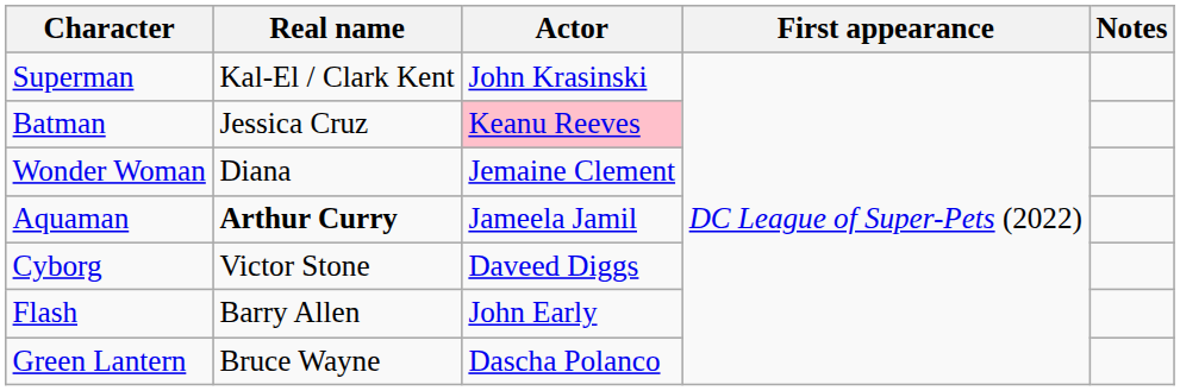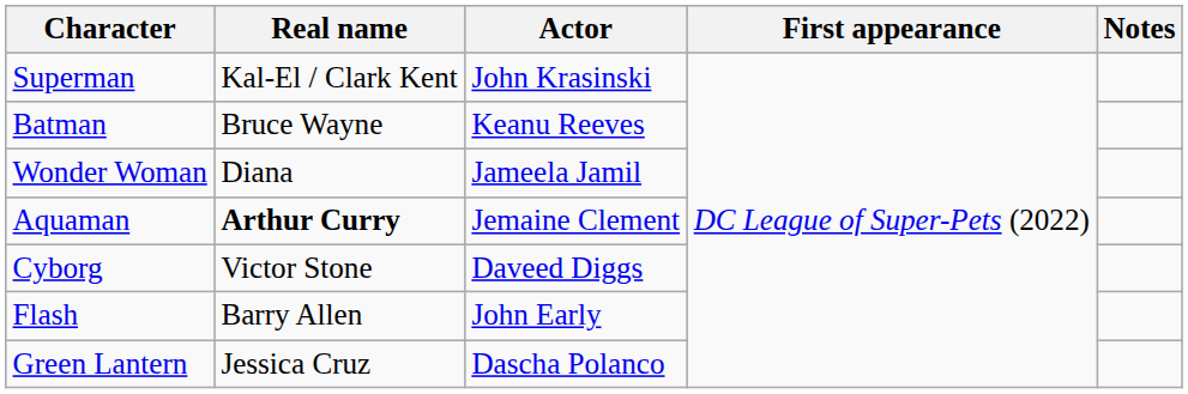 <table class="wikitable">
 <tr>
 <th>Character</th>
 <th>Real name</th>
 <th>Actor</th>
 <th>First appearance</th>
 <th>Notes</th>
 </tr>
 <tr>
 <td><a href='#'>Superman</a></td>
 <td>Kal-El / Clark Kent</td>
 <td><a href='#'>John Krasinski</a></td>
 <td rowspan="7"><em><a href='#'>DC League of Super-Pets</a></em> (2022)</td>
 <td></td>
 </tr>
 <tr>
 <td><a href='#'>Batman</a></td>
-<td>Jessica Cruz</td>
-<td style="background: pink;"><a href='#'>Keanu Reeves</a></td>
+<td>Bruce Wayne</td>
+<td><a href='#'>Keanu Reeves</a></td>
 <td></td>
 </tr>
 <tr>
 <td><a href='#'>Wonder Woman</a></td>
 <td>Diana</td>
-<td><a href='#'>Jemaine Clement</a></td>
+<td><a href='#'>Jameela Jamil</a></td>
 <td></td>
 </tr>
 <tr>
 <td><a href='#'>Aquaman</a></td>
 <td><strong>Arthur Curry</strong></td>
-<td><a href='#'>Jameela Jamil</a></td>
+<td><a href='#'>Jemaine Clement</a></td>
 <td></td>
 </tr>
 <tr>
 <td><a href='#'>Cyborg</a></td>
 <td>Victor Stone</td>
 <td><a href='#'>Daveed Diggs</a></td>
 <td></td>
 </tr>
 <tr>
 <td><a href='#'>Flash</a></td>
 <td>Barry Allen</td>
 <td><a href='#'>John Early</a></td>
 <td></td>
 </tr>
 <tr>
 <td><a href='#'>Green Lantern</a></td>
-<td>Bruce Wayne</td>
+<td>Jessica Cruz</td>
 <td><a href='#'>Dascha Polanco</a></td>
 <td></td>
 </tr>
 </table>
